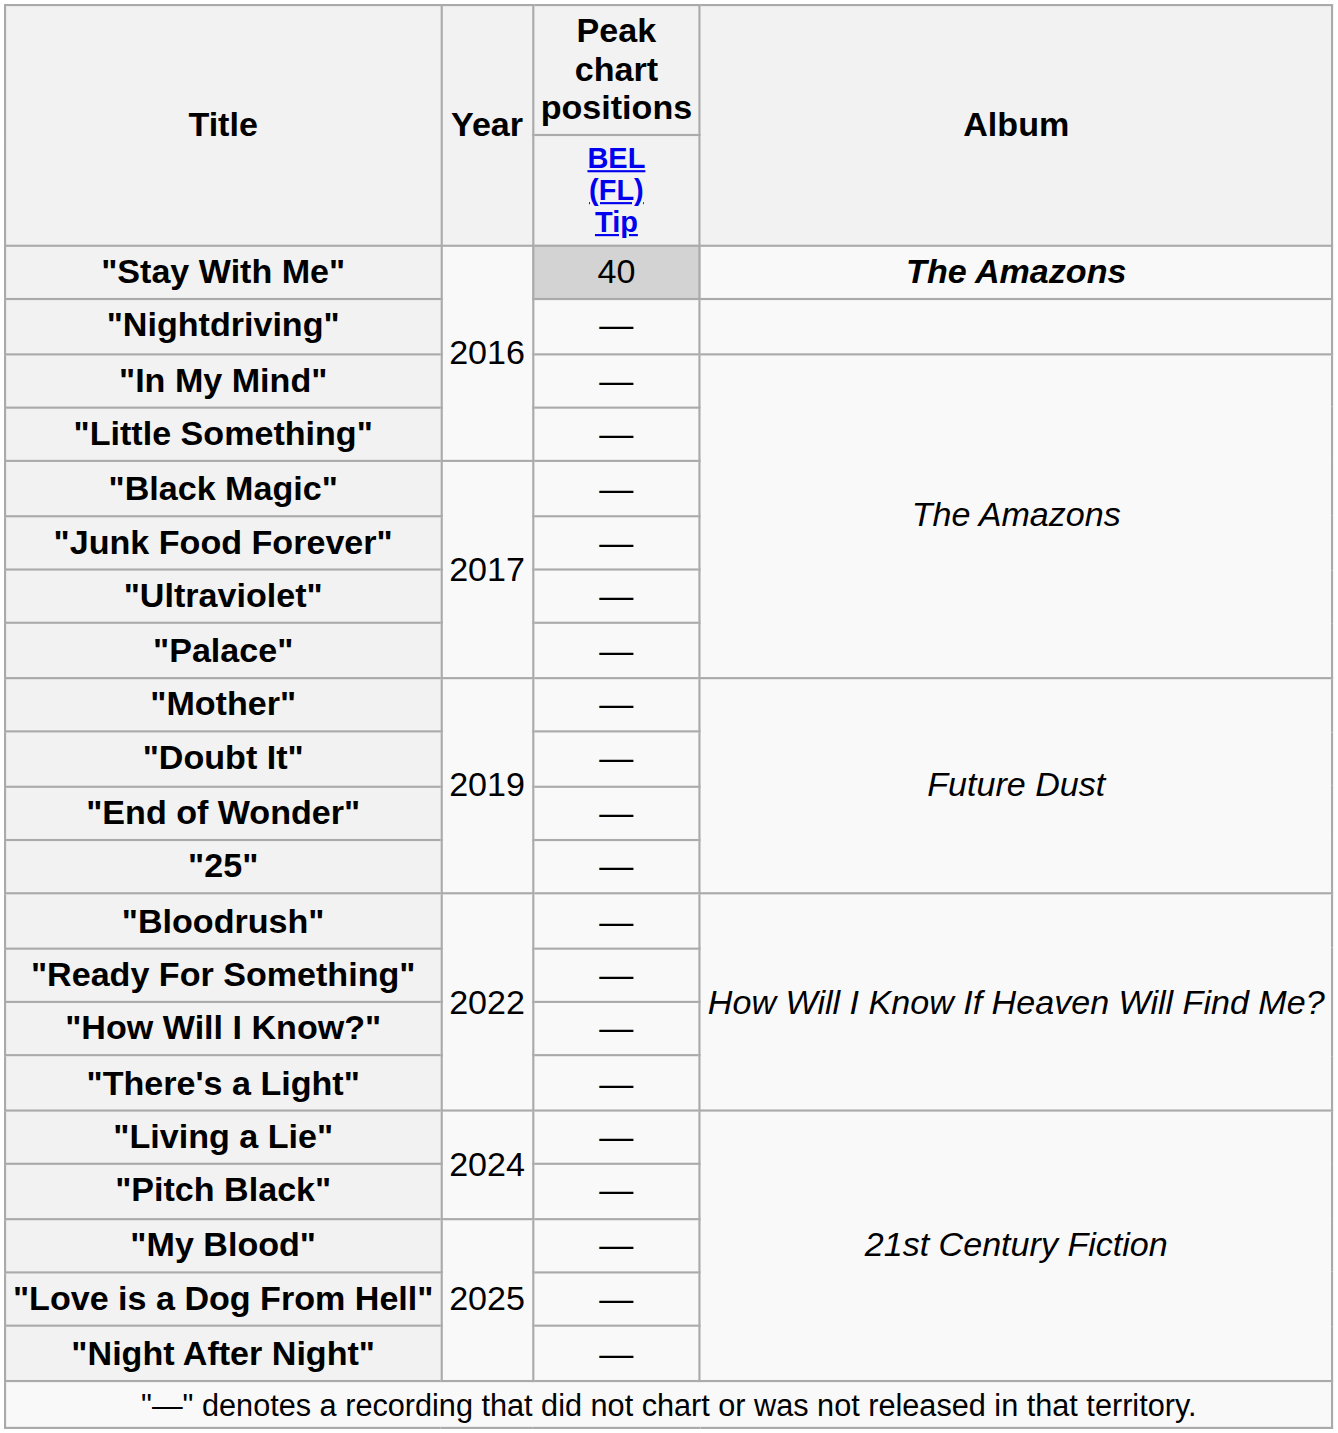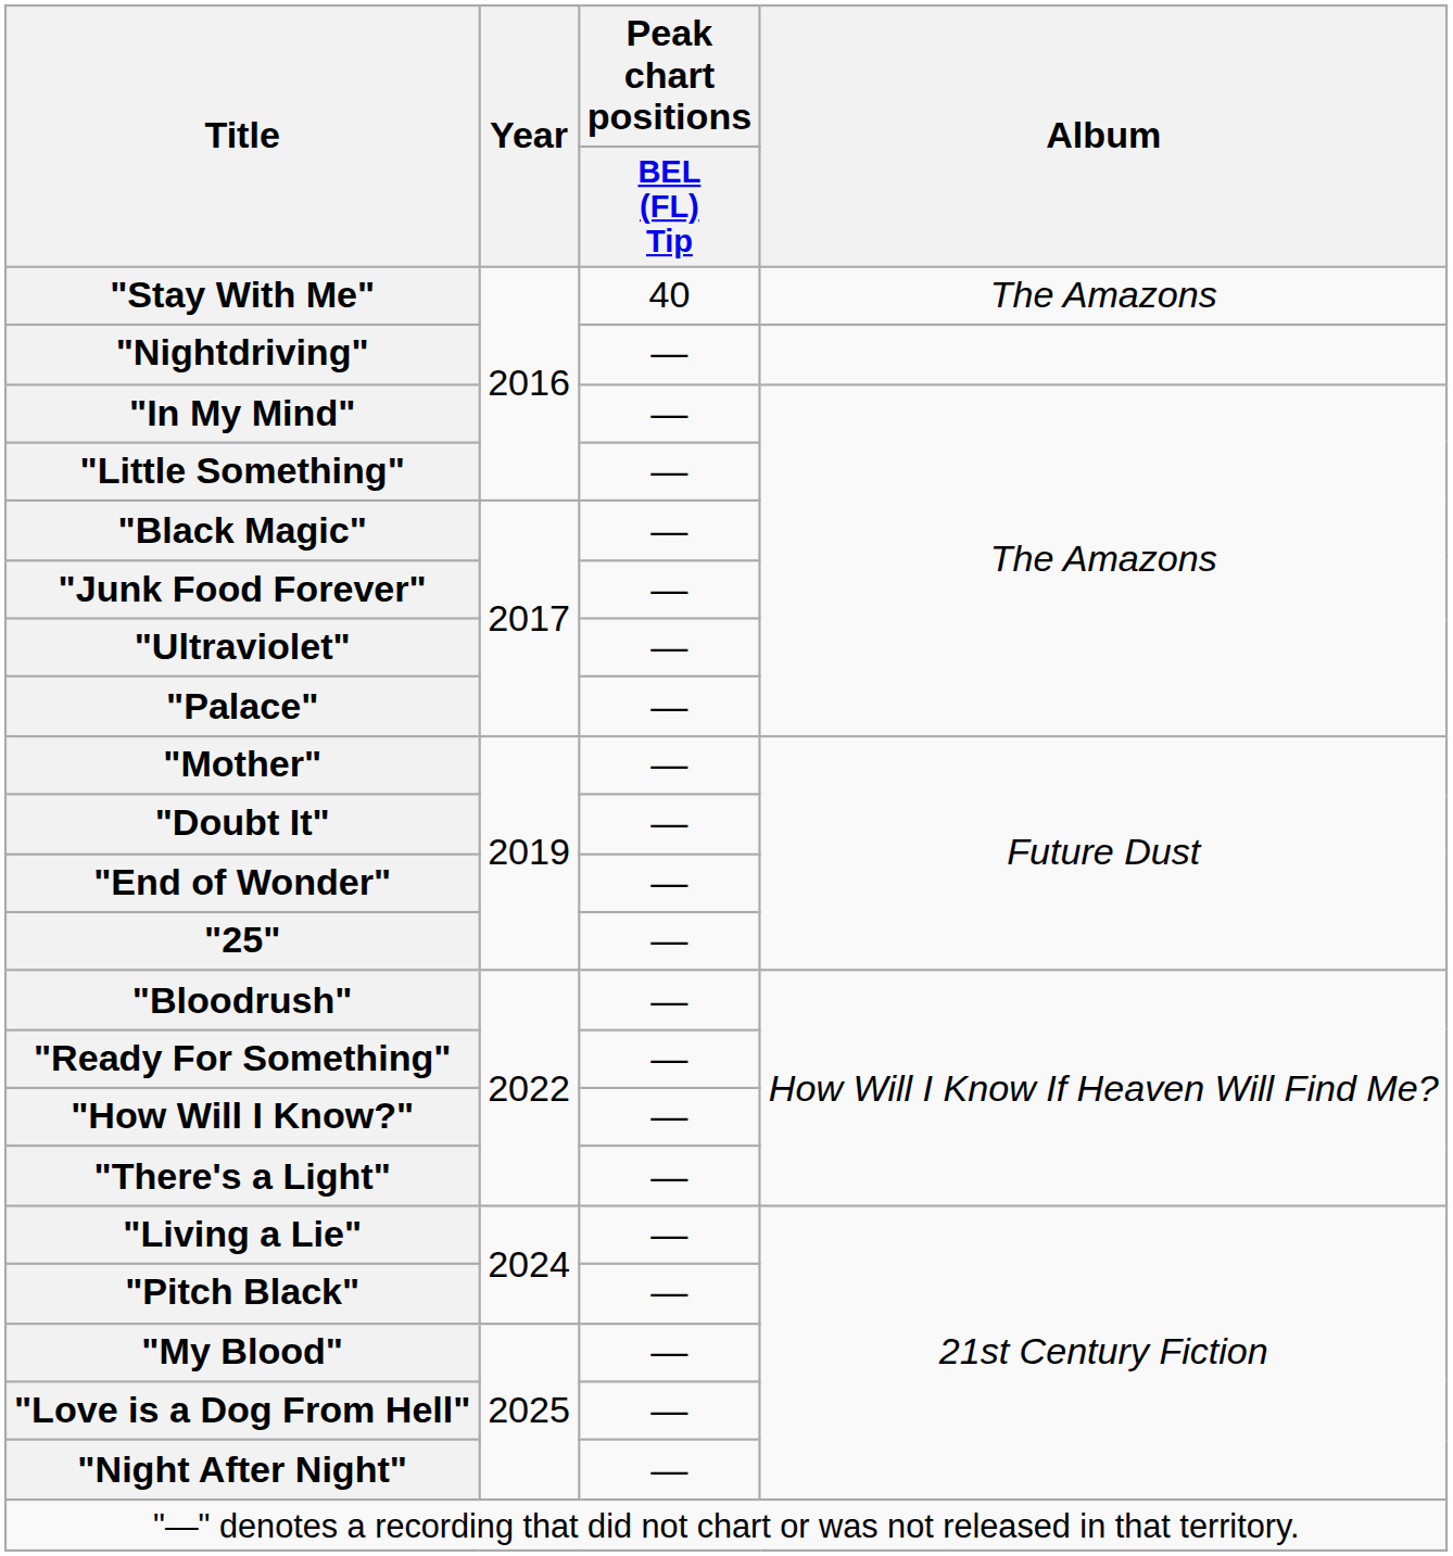 <table class="wikitable plainrowheaders" style="text-align:center;">
 <tr>
 <th scope="col" rowspan="2">Title</th>
 <th scope="col" rowspan="2">Year</th>
 <th scope="col" colspan="1">Peak chart positions</th>
 <th scope="col" rowspan="2">Album</th>
 </tr>
 <tr>
 <th scope="col" style="width:3em;font-size:85%;"><a href='#'>BEL<br>(FL)<br>Tip</a><br></th>
 </tr>
 <tr>
 <th scope="row">"Stay With Me"</th>
 <td rowspan="4">2016</td>
-<td style="background: lightgrey;">40</td>
-<td><strong><em>The Amazons</em></strong></td>
+<td>40</td>
+<td><em>The Amazons</em></td>
 </tr>
 <tr>
 <th scope="row">"Nightdriving"</th>
 <td>—</td>
 <td></td>
 </tr>
 <tr>
 <th scope="row">"In My Mind"</th>
 <td>—</td>
 <td rowspan="6"><em>The Amazons</em></td>
 </tr>
 <tr>
 <th scope="row">"Little Something"</th>
 <td>—</td>
 </tr>
 <tr>
 <th scope="row">"Black Magic"</th>
 <td rowspan="4">2017</td>
 <td>—</td>
 </tr>
 <tr>
 <th scope="row">"Junk Food Forever"</th>
 <td>—</td>
 </tr>
 <tr>
 <th scope="row">"Ultraviolet"</th>
 <td>—</td>
 </tr>
 <tr>
 <th scope="row">"Palace"</th>
 <td>—</td>
 </tr>
 <tr>
 <th scope="row">"Mother"</th>
 <td rowspan="4">2019</td>
 <td>—</td>
 <td rowspan="4"><em>Future Dust</em></td>
 </tr>
 <tr>
 <th scope="row">"Doubt It"</th>
 <td>—</td>
 </tr>
 <tr>
 <th scope="row">"End of Wonder"</th>
 <td>—</td>
 </tr>
 <tr>
 <th scope="row">"25"</th>
 <td>—</td>
 </tr>
 <tr>
 <th scope="row">"Bloodrush"</th>
 <td rowspan="4">2022</td>
 <td>—</td>
 <td rowspan="4"><em>How Will I Know If Heaven Will Find Me?</em></td>
 </tr>
 <tr>
 <th scope="row">"Ready For Something"</th>
 <td>—</td>
 </tr>
 <tr>
 <th scope="row">"How Will I Know?"</th>
 <td>—</td>
 </tr>
 <tr>
 <th scope="row">"There's a Light"</th>
 <td>—</td>
 </tr>
 <tr>
 <th scope="row">"Living a Lie"</th>
 <td rowspan="2">2024</td>
 <td>—</td>
 <td rowspan="5"><em>21st Century Fiction</em></td>
 </tr>
 <tr>
 <th scope="row">"Pitch Black"</th>
 <td>—</td>
 </tr>
 <tr>
 <th scope="row">"My Blood"</th>
 <td rowspan="3">2025</td>
 <td>—</td>
 </tr>
 <tr>
 <th scope="row">"Love is a Dog From Hell"</th>
 <td>—</td>
 </tr>
 <tr>
 <th scope="row">"Night After Night"</th>
 <td>—</td>
 </tr>
 <tr>
 <td colspan="4" style="font-size:90%">"—" denotes a recording that did not chart or was not released in that territory.</td>
 </tr>
 </table>
